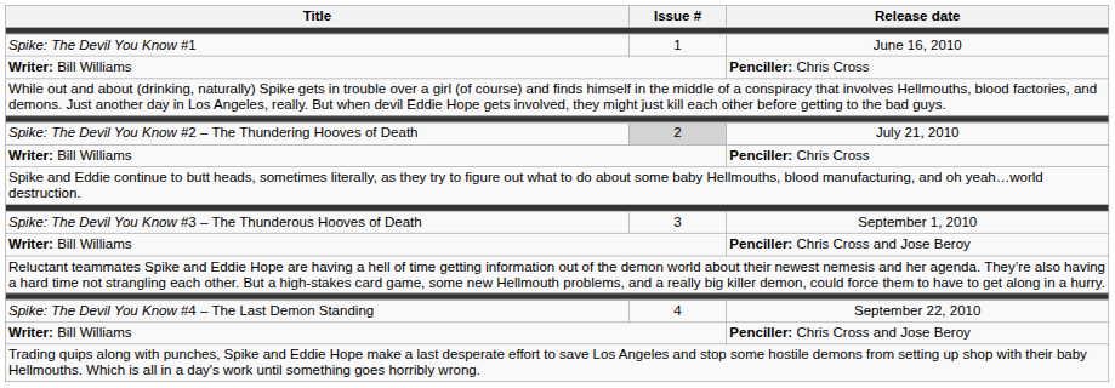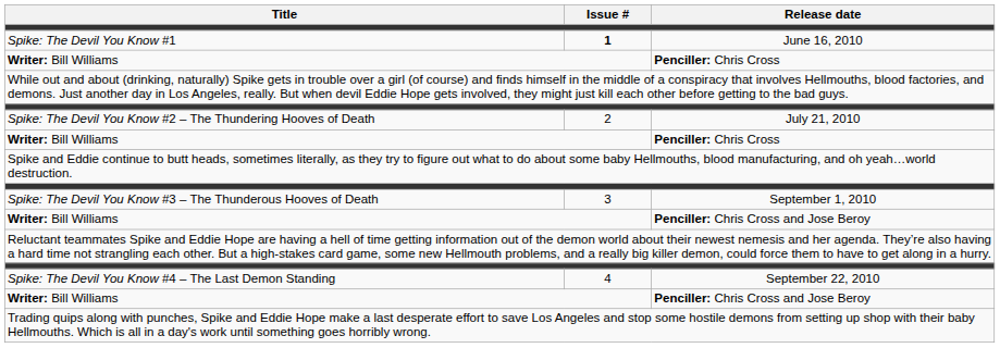 <table class="wikitable mw-collapsible mw-collapsed" style="width:100%;">
 <tr>
 <th>Title</th>
 <th>Issue #</th>
 <th>Release date</th>
 </tr>
 <tr>
 <td colspan="6" style="background:#333;"></td>
 </tr>
 <tr>
 <td><em>Spike: The Devil You Know</em> #1</td>
-<td style="text-align:center;">1</td>
+<td style="text-align:center;"><strong>1</strong></td>
 <td style="text-align:center;">June 16, 2010</td>
 </tr>
 <tr>
 <td colspan="2"><strong>Writer:</strong> Bill Williams</td>
 <td><strong>Penciller:</strong> Chris Cross</td>
 </tr>
 <tr>
 <td colspan="6">While out and about (drinking, naturally) Spike gets in trouble over a girl (of course) and finds himself in the middle of a conspiracy that involves Hellmouths, blood factories, and demons. Just another day in Los Angeles, really. But when devil Eddie Hope gets involved, they might just kill each other before getting to the bad guys.</td>
 </tr>
 <tr>
 <td colspan="6" style="background:#333;"></td>
 </tr>
 <tr>
 <td><em>Spike: The Devil You Know</em> #2 – The Thundering Hooves of Death</td>
-<td style="background: lightgrey; text-align:center;">2</td>
+<td style="text-align:center;">2</td>
 <td style="text-align:center;">July 21, 2010</td>
 </tr>
 <tr>
 <td colspan="2"><strong>Writer:</strong> Bill Williams</td>
 <td><strong>Penciller:</strong> Chris Cross</td>
 </tr>
 <tr>
 <td colspan="6">Spike and Eddie continue to butt heads, sometimes literally, as they try to figure out what to do about some baby Hellmouths, blood manufacturing, and oh yeah…world destruction.</td>
 </tr>
 <tr>
 <td colspan="6" style="background:#333;"></td>
 </tr>
 <tr>
 <td><em>Spike: The Devil You Know</em> #3 – The Thunderous Hooves of Death</td>
 <td style="text-align:center;">3</td>
 <td style="text-align:center;">September 1, 2010</td>
 </tr>
 <tr>
 <td colspan="2"><strong>Writer:</strong> Bill Williams</td>
 <td><strong>Penciller:</strong> Chris Cross and Jose Beroy</td>
 </tr>
 <tr>
 <td colspan="6">Reluctant teammates Spike and Eddie Hope are having a hell of time getting information out of the demon world about their newest nemesis and her agenda. They’re also having a hard time not strangling each other. But a high-stakes card game, some new Hellmouth problems, and a really big killer demon, could force them to have to get along in a hurry.</td>
 </tr>
 <tr>
 <td colspan="6" style="background:#333;"></td>
 </tr>
 <tr>
 <td><em>Spike: The Devil You Know</em> #4 – The Last Demon Standing</td>
 <td style="text-align:center;">4</td>
 <td style="text-align:center;">September 22, 2010</td>
 </tr>
 <tr>
 <td colspan="2"><strong>Writer:</strong> Bill Williams</td>
 <td><strong>Penciller:</strong> Chris Cross and Jose Beroy</td>
 </tr>
 <tr>
 <td colspan="6">Trading quips along with punches, Spike and Eddie Hope make a last desperate effort to save Los Angeles and stop some hostile demons from setting up shop with their baby Hellmouths. Which is all in a day's work until something goes horribly wrong.</td>
 </tr>
 </table>
